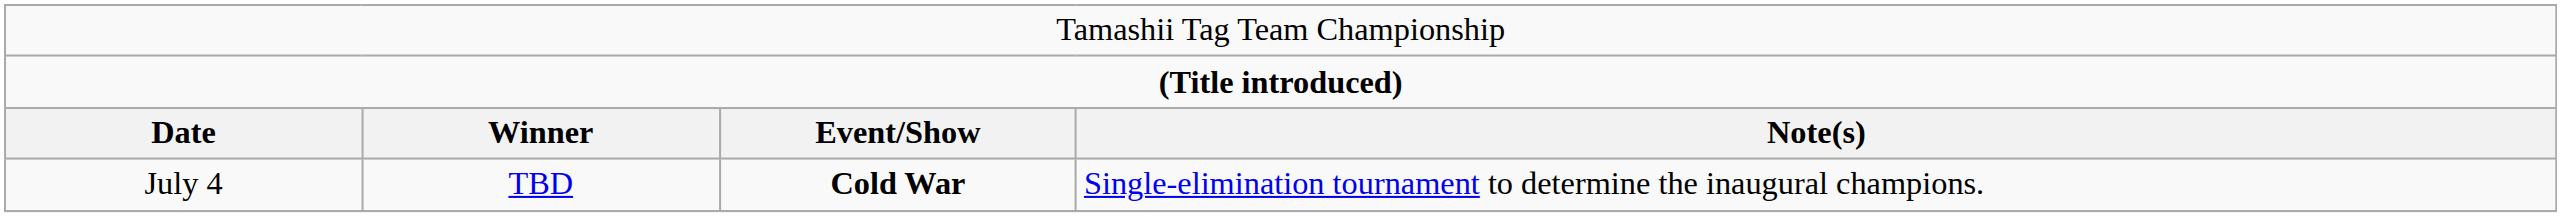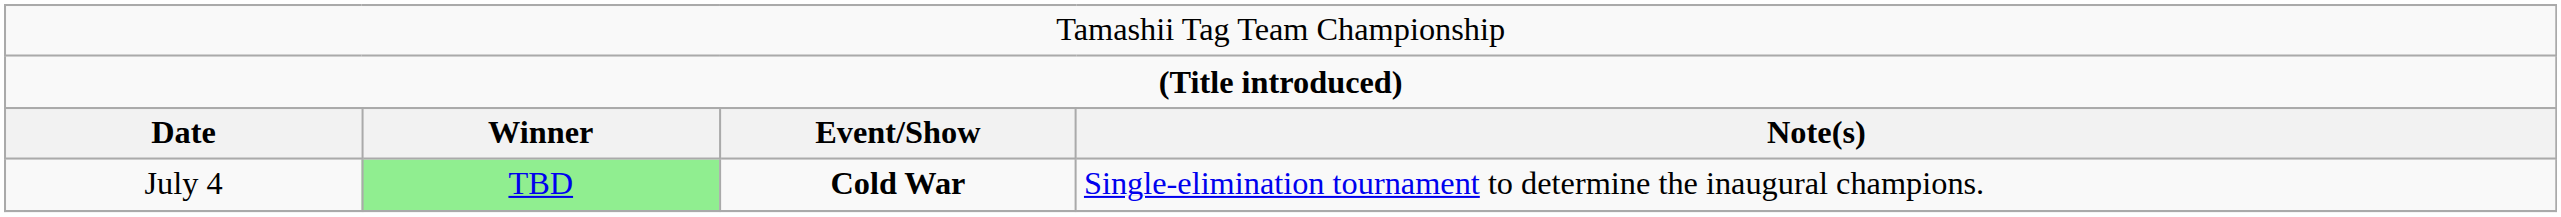 <table class="wikitable" style="text-align:center; width:100%;">
 <tr>
 <td colspan="4" style="text-align: center;">Tamashii Tag Team Championship</td>
 </tr>
 <tr>
 <td colspan="4" style="text-align: center;"><strong>(Title introduced)</strong></td>
 </tr>
 <tr>
 <th width=14%>Date</th>
 <th width=14%>Winner</th>
 <th width=14%>Event/Show</th>
 <th width=58%>Note(s)</th>
 </tr>
 <tr>
 <td>July 4</td>
-<td><a href='#'>TBD</a></td>
+<td style="background: lightgreen;"><a href='#'>TBD</a></td>
 <td><strong>Cold War</strong></td>
 <td align=left><a href='#'>Single-elimination tournament</a> to determine the inaugural champions.</td>
 </tr>
 <tr>
 </tr>
 </table>
